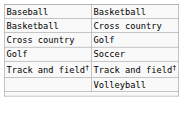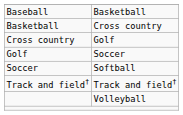 <table class="wikitable" style=" ">
 <tr>
 </tr>
 <tr>
 <td>Baseball</td>
 <td>Basketball</td>
 </tr>
 <tr>
 <td>Basketball</td>
 <td>Cross country</td>
 </tr>
 <tr>
 <td>Cross country</td>
 <td>Golf</td>
 </tr>
 <tr>
 <td>Golf</td>
 <td>Soccer</td>
 </tr>
 <tr>
+<td>Soccer</td>
+<td>Softball</td>
+</tr>
+<tr>
 <td>Track and field<sup>†</sup></td>
 <td>Track and field<sup>†</sup></td>
 </tr>
 <tr>
 <td></td>
 <td>Volleyball</td>
 </tr>
 <tr>
 <td colspan="2"></td>
 </tr>
 </table>
